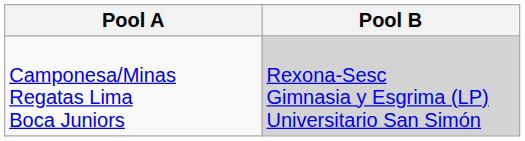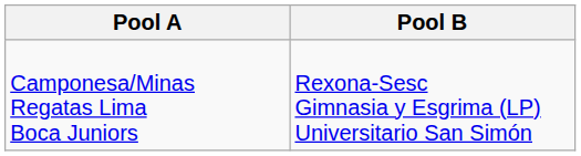 <table class="wikitable">
 <tr>
 <th width=45%>Pool A</th>
 <th width=45%>Pool B</th>
 </tr>
 <tr>
 <td><br> <a href='#'>Camponesa/Minas</a><br>  <a href='#'>Regatas Lima</a><br>  <a href='#'>Boca Juniors</a></td>
-<td style="background: lightgrey;"><br> <a href='#'>Rexona-Sesc</a><br>  <a href='#'>Gimnasia y Esgrima (LP)</a><br>  <a href='#'>Universitario San Simón</a></td>
+<td><br> <a href='#'>Rexona-Sesc</a><br>  <a href='#'>Gimnasia y Esgrima (LP)</a><br>  <a href='#'>Universitario San Simón</a></td>
 </tr>
 </table>
